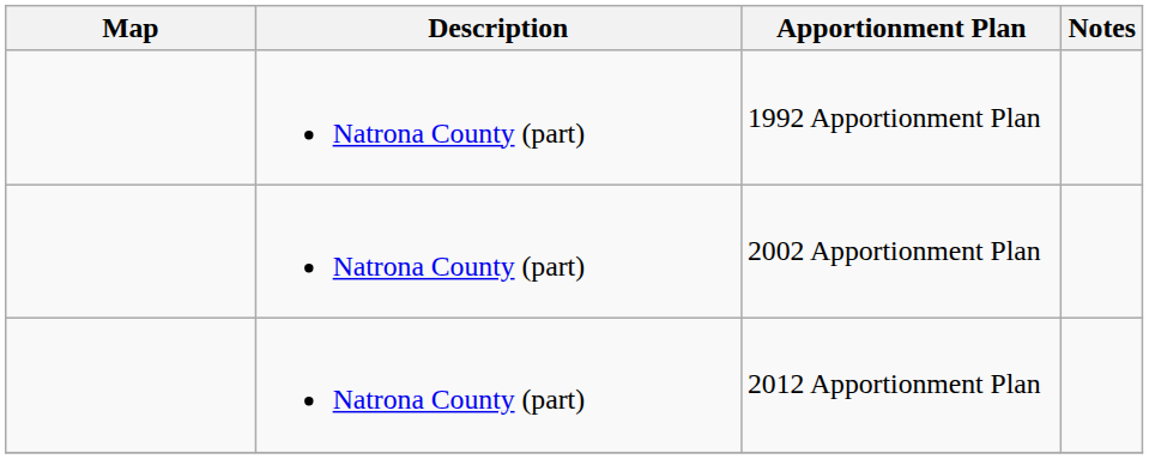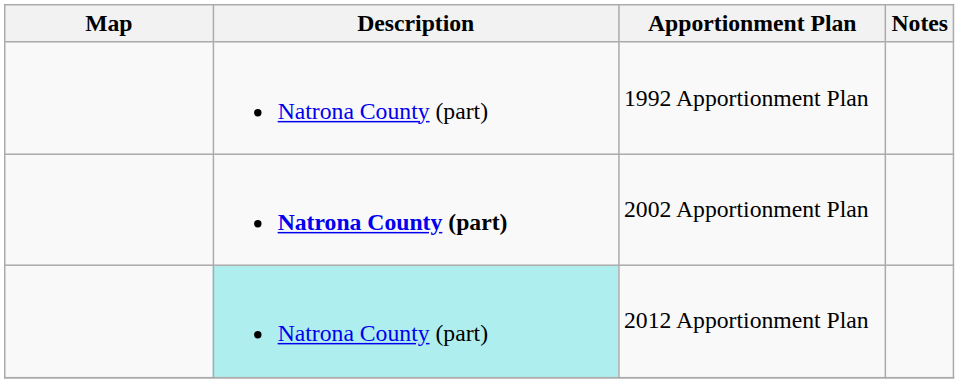 <table class="wikitable sortable">
 <tr>
 <th style="width:100pt;">Map</th>
 <th style="width:200pt;">Description</th>
 <th style="width:130pt;">Apportionment Plan</th>
 <th style="width:15pt;">Notes</th>
 </tr>
 <tr>
 <td></td>
 <td><br><ul><li><a href='#'>Natrona County</a> (part)</li></ul></td>
 <td>1992 Apportionment Plan</td>
 <td></td>
 </tr>
 <tr>
 <td></td>
-<td><br><ul><li><a href='#'>Natrona County</a> (part)</li></ul></td>
+<td><strong><br><ul><li><a href='#'>Natrona County</a> (part)</li></ul></strong></td>
 <td>2002 Apportionment Plan</td>
 <td></td>
 </tr>
 <tr>
 <td></td>
-<td><br><ul><li><a href='#'>Natrona County</a> (part)</li></ul></td>
+<td style="background: paleturquoise;"><br><ul><li><a href='#'>Natrona County</a> (part)</li></ul></td>
 <td>2012 Apportionment Plan</td>
 <td></td>
 </tr>
 <tr>
 </tr>
 </table>
